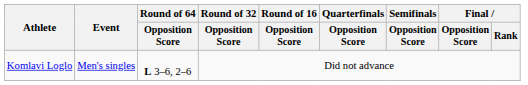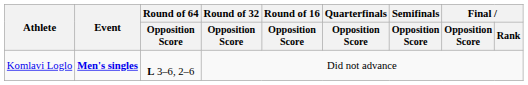 <table class=wikitable style="font-size:90%">
 <tr>
 <th rowspan="2">Athlete</th>
 <th rowspan="2">Event</th>
 <th>Round of 64</th>
 <th>Round of 32</th>
 <th>Round of 16</th>
 <th>Quarterfinals</th>
 <th>Semifinals</th>
 <th colspan=2>Final / </th>
 </tr>
 <tr style="font-size:95%">
 <th>Opposition<br>Score</th>
 <th>Opposition<br>Score</th>
 <th>Opposition<br>Score</th>
 <th>Opposition<br>Score</th>
 <th>Opposition<br>Score</th>
 <th>Opposition<br>Score</th>
 <th>Rank</th>
 </tr>
 <tr align=center>
 <td align=left><a href='#'>Komlavi Loglo</a></td>
-<td align=left><a href='#'>Men's singles</a></td>
+<td align=left><strong><a href='#'>Men's singles</a></strong></td>
 <td><br><strong>L</strong> 3–6, 2–6</td>
 <td colspan=6>Did not advance</td>
 </tr>
 </table>
